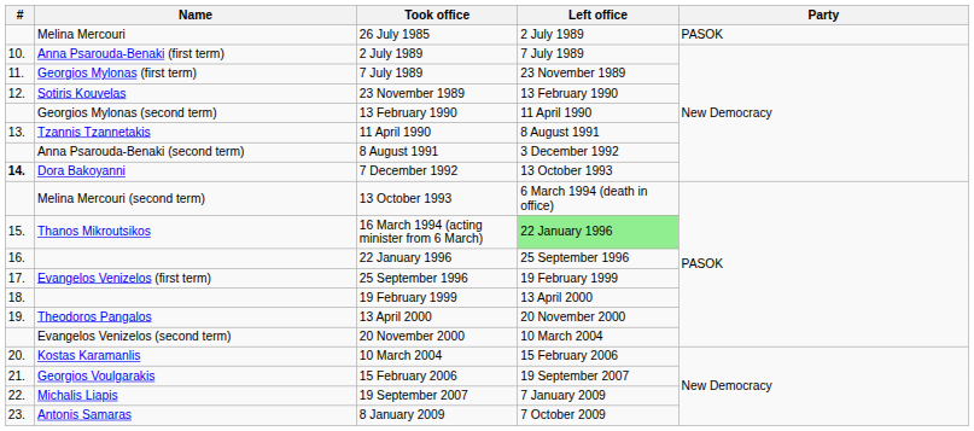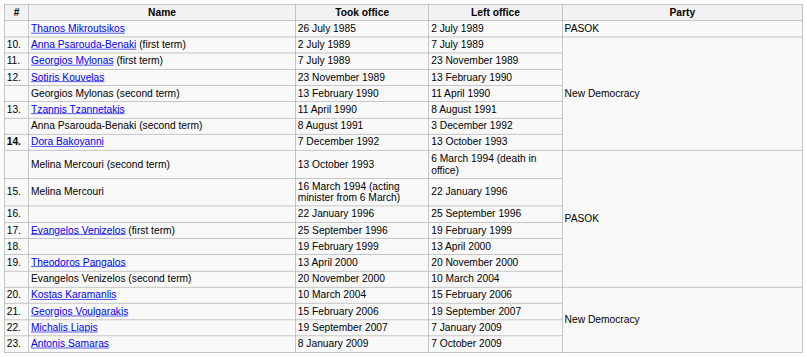 <table class="wikitable">
 <tr>
 <th width="1%">#</th>
 <th width="20%">Name</th>
 <th width="10%">Took office</th>
 <th width="10%">Left office</th>
 <th width="18%">Party</th>
 </tr>
 <tr>
 <td></td>
-<td>Melina Mercouri</td>
+<td><a href='#'>Thanos Mikroutsikos</a></td>
 <td>26 July 1985</td>
 <td>2 July 1989</td>
 <td>PASOK</td>
 </tr>
 <tr>
 <td>10.</td>
 <td><a href='#'>Anna Psarouda-Benaki</a> (first term)</td>
 <td>2 July 1989</td>
 <td>7 July 1989</td>
 <td rowspan=7>New Democracy</td>
 </tr>
 <tr>
 <td>11.</td>
 <td><a href='#'>Georgios Mylonas</a> (first term)</td>
 <td>7 July 1989</td>
 <td>23 November 1989</td>
 </tr>
 <tr>
 <td>12.</td>
 <td><a href='#'>Sotiris Kouvelas</a></td>
 <td>23 November 1989</td>
 <td>13 February 1990</td>
 </tr>
 <tr>
 <td></td>
 <td>Georgios Mylonas (second term)</td>
 <td>13 February 1990</td>
 <td>11 April 1990</td>
 </tr>
 <tr>
 <td>13.</td>
 <td><a href='#'>Tzannis Tzannetakis</a></td>
 <td>11 April 1990</td>
 <td>8 August 1991</td>
 </tr>
 <tr>
 <td></td>
 <td>Anna Psarouda-Benaki (second term)</td>
 <td>8 August 1991</td>
 <td>3 December 1992</td>
 </tr>
 <tr>
 <td><strong>14.</strong></td>
 <td><a href='#'>Dora Bakoyanni</a></td>
 <td>7 December 1992</td>
 <td>13 October 1993</td>
 </tr>
 <tr>
 <td></td>
 <td>Melina Mercouri (second term)</td>
 <td>13 October 1993</td>
 <td>6 March 1994 (death in office)</td>
 <td rowspan=7>PASOK</td>
 </tr>
 <tr>
 <td>15.</td>
-<td><a href='#'>Thanos Mikroutsikos</a></td>
+<td>Melina Mercouri</td>
 <td>16 March 1994 (acting minister from 6 March)</td>
-<td style="background: lightgreen;">22 January 1996</td>
+<td>22 January 1996</td>
 </tr>
 <tr>
 <td>16.</td>
 <td></td>
 <td>22 January 1996</td>
 <td>25 September 1996</td>
 </tr>
 <tr>
 <td>17.</td>
 <td><a href='#'>Evangelos Venizelos</a> (first term)</td>
 <td>25 September 1996</td>
 <td>19 February 1999</td>
 </tr>
 <tr>
 <td>18.</td>
 <td></td>
 <td>19 February 1999</td>
 <td>13 April 2000</td>
 </tr>
 <tr>
 <td>19.</td>
 <td><a href='#'>Theodoros Pangalos</a></td>
 <td>13 April 2000</td>
 <td>20 November 2000</td>
 </tr>
 <tr>
 <td></td>
 <td>Evangelos Venizelos (second term)</td>
 <td>20 November 2000</td>
 <td>10 March 2004</td>
 </tr>
 <tr>
 <td>20.</td>
 <td><a href='#'>Kostas Karamanlis</a></td>
 <td>10 March 2004</td>
 <td>15 February 2006</td>
 <td rowspan=4>New Democracy</td>
 </tr>
 <tr>
 <td>21.</td>
 <td><a href='#'>Georgios Voulgarakis</a></td>
 <td>15 February 2006</td>
 <td>19 September 2007</td>
 </tr>
 <tr>
 <td>22.</td>
 <td><a href='#'>Michalis Liapis</a></td>
 <td>19 September 2007</td>
 <td>7 January 2009</td>
 </tr>
 <tr>
 <td>23.</td>
 <td><a href='#'>Antonis Samaras</a></td>
 <td>8 January 2009</td>
 <td>7 October 2009</td>
 </tr>
 </table>
